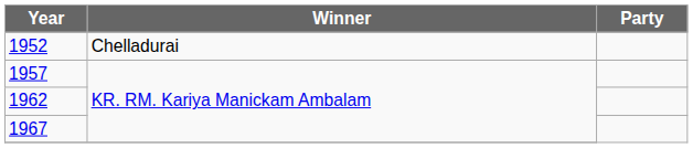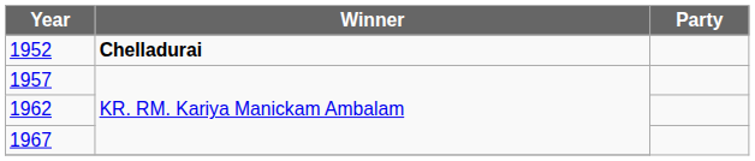 <table class="wikitable" width="50%">
 <tr>
 <th style="background-color:#666666; color:white">Year</th>
 <th style="background-color:#666666; color:white">Winner</th>
 <th style="background-color:#666666; color:white" colspan="2">Party</th>
 </tr>
 <tr>
 <td><a href='#'>1952</a></td>
-<td>Chelladurai</td>
+<td><strong>Chelladurai</strong></td>
 <td></td>
 </tr>
 <tr>
 <td><a href='#'>1957</a></td>
 <td rowspan="3"><a href='#'>KR. RM. Kariya Manickam Ambalam</a></td>
 <td></td>
 </tr>
 <tr>
 <td><a href='#'>1962</a></td>
 <td></td>
 </tr>
 <tr>
 <td><a href='#'>1967</a></td>
 </tr>
 <tr>
 </tr>
 </table>
